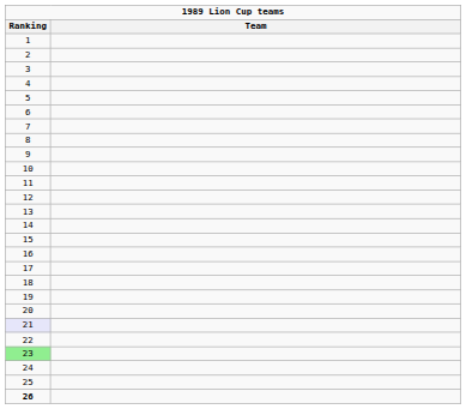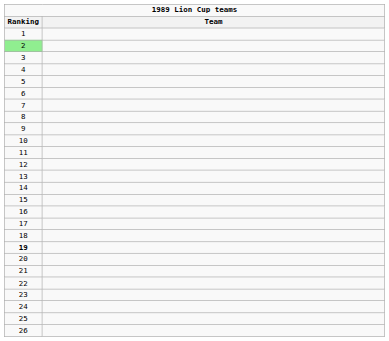 <table class="wikitable" style="text-align:left; line-height:110%; font-size:90%; width:30%;">
 <tr>
 <td colspan="5" cellpadding="0" cellspacing="0" style="text-align:center"><strong>1989 Lion Cup teams</strong></td>
 </tr>
 <tr>
 <th style="width:10%;">Ranking</th>
 <th style="width:90%;">Team</th>
 </tr>
 <tr>
 <td style="text-align:center">1</td>
 <td></td>
 </tr>
 <tr>
-<td style="text-align:center">2</td>
+<td style="background: lightgreen; text-align:center">2</td>
 <td></td>
 </tr>
 <tr>
 <td style="text-align:center">3</td>
 <td></td>
 </tr>
 <tr>
 <td style="text-align:center">4</td>
 <td></td>
 </tr>
 <tr>
 <td style="text-align:center">5</td>
 <td></td>
 </tr>
 <tr>
 <td style="text-align:center">6</td>
 <td></td>
 </tr>
 <tr>
 <td style="text-align:center">7</td>
 <td></td>
 </tr>
 <tr>
 <td style="text-align:center">8</td>
 <td></td>
 </tr>
 <tr>
 <td style="text-align:center">9</td>
 <td></td>
 </tr>
 <tr>
 <td style="text-align:center">10</td>
 <td></td>
 </tr>
 <tr>
 <td style="text-align:center">11</td>
 <td></td>
 </tr>
 <tr>
 <td style="text-align:center">12</td>
 <td></td>
 </tr>
 <tr>
 <td style="text-align:center">13</td>
 <td></td>
 </tr>
 <tr>
 <td style="text-align:center">14</td>
 <td></td>
 </tr>
 <tr>
 <td style="text-align:center">15</td>
 <td></td>
 </tr>
 <tr>
 <td style="text-align:center">16</td>
 <td></td>
 </tr>
 <tr>
 <td style="text-align:center">17</td>
 <td></td>
 </tr>
 <tr>
 <td style="text-align:center">18</td>
 <td></td>
 </tr>
 <tr>
-<td style="text-align:center">19</td>
+<td style="text-align:center"><strong>19</strong></td>
 <td></td>
 </tr>
 <tr>
 <td style="text-align:center">20</td>
 <td></td>
 </tr>
 <tr>
-<td style="background: lavender; text-align:center">21</td>
+<td style="text-align:center">21</td>
 <td></td>
 </tr>
 <tr>
 <td style="text-align:center">22</td>
 <td></td>
 </tr>
 <tr>
-<td style="background: lightgreen; text-align:center">23</td>
+<td style="text-align:center">23</td>
 <td></td>
 </tr>
 <tr>
 <td style="text-align:center">24</td>
 <td></td>
 </tr>
 <tr>
 <td style="text-align:center">25</td>
 <td></td>
 </tr>
 <tr>
-<td style="text-align:center"><strong>26</strong></td>
+<td style="text-align:center">26</td>
 <td></td>
 </tr>
 </table>
